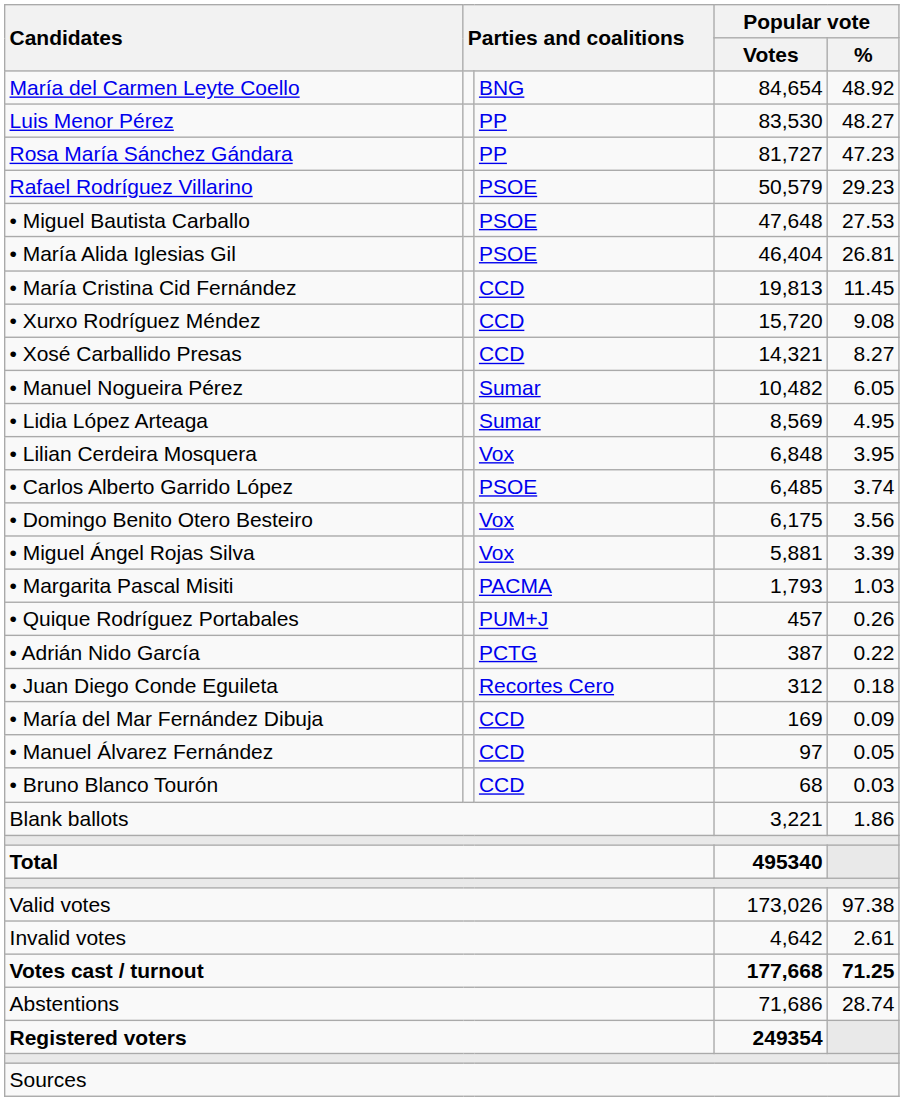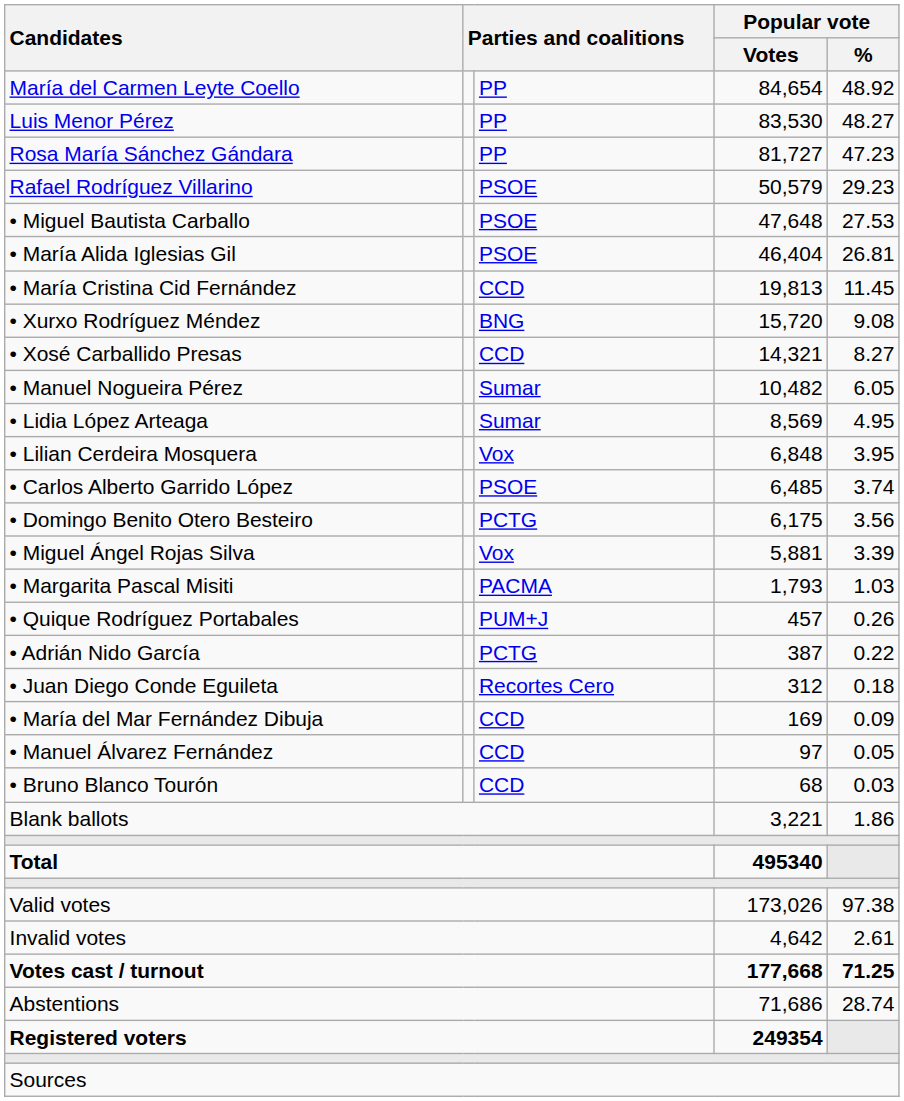 <table class="wikitable" style="text-align:right; font-size:95%;">
 <tr>
 <th style="text-align:left;" rowspan="2" width="325">Candidates</th>
 <th style="text-align:left;" rowspan="2" colspan="2" width="175">Parties and coalitions</th>
 <th colspan="2">Popular vote</th>
 </tr>
 <tr>
 <th width="75">Votes</th>
 <th width="45">%</th>
 </tr>
 <tr>
 <td align="left"> <a href='#'>María del Carmen Leyte Coello</a></td>
 <td width="1" style="color:inherit;background:"></td>
-<td align="left"><a href='#'>BNG</a></td>
+<td align="left"><a href='#'>PP</a></td>
 <td>84,654</td>
 <td>48.92</td>
 </tr>
 <tr>
 <td align="left"> <a href='#'>Luis Menor Pérez</a></td>
 <td width="1" style="color:inherit;background:"></td>
 <td align="left"><a href='#'>PP</a></td>
 <td>83,530</td>
 <td>48.27</td>
 </tr>
 <tr>
 <td align="left"> <a href='#'>Rosa María Sánchez Gándara</a></td>
 <td width="1" style="color:inherit;background:"></td>
 <td align="left"><a href='#'>PP</a></td>
 <td>81,727</td>
 <td>47.23</td>
 </tr>
 <tr>
 <td align="left"> <a href='#'>Rafael Rodríguez Villarino</a></td>
 <td width="1" style="color:inherit;background:"></td>
 <td align="left"><a href='#'>PSOE</a></td>
 <td>50,579</td>
 <td>29.23</td>
 </tr>
 <tr>
 <td align="left">• Miguel Bautista Carballo</td>
 <td width="1" style="color:inherit;background:"></td>
 <td align="left"><a href='#'>PSOE</a></td>
 <td>47,648</td>
 <td>27.53</td>
 </tr>
 <tr>
 <td align="left">• María Alida Iglesias Gil</td>
 <td width="1" style="color:inherit;background:"></td>
 <td align="left"><a href='#'>PSOE</a></td>
 <td>46,404</td>
 <td>26.81</td>
 </tr>
 <tr>
 <td align="left">• María Cristina Cid Fernández</td>
 <td width="1" style="color:inherit;background:"></td>
 <td align="left"><a href='#'>CCD</a></td>
 <td>19,813</td>
 <td>11.45</td>
 </tr>
 <tr>
 <td align="left">• Xurxo Rodríguez Méndez</td>
 <td width="1" style="color:inherit;background:"></td>
-<td align="left"><a href='#'>CCD</a></td>
+<td align="left"><a href='#'>BNG</a></td>
 <td>15,720</td>
 <td>9.08</td>
 </tr>
 <tr>
 <td align="left">• Xosé Carballido Presas</td>
 <td width="1" style="color:inherit;background:"></td>
 <td align="left"><a href='#'>CCD</a></td>
 <td>14,321</td>
 <td>8.27</td>
 </tr>
 <tr>
 <td align="left">• Manuel Nogueira Pérez</td>
 <td width="1" style="color:inherit;background:"></td>
 <td align="left"><a href='#'>Sumar</a></td>
 <td>10,482</td>
 <td>6.05</td>
 </tr>
 <tr>
 <td align="left">• Lidia López Arteaga</td>
 <td width="1" style="color:inherit;background:"></td>
 <td align="left"><a href='#'>Sumar</a></td>
 <td>8,569</td>
 <td>4.95</td>
 </tr>
 <tr>
 <td align="left">• Lilian Cerdeira Mosquera</td>
 <td width="1" style="color:inherit;background:"></td>
 <td align="left"><a href='#'>Vox</a></td>
 <td>6,848</td>
 <td>3.95</td>
 </tr>
 <tr>
 <td align="left">• Carlos Alberto Garrido López</td>
 <td width="1" style="color:inherit;background:"></td>
 <td align="left"><a href='#'>PSOE</a></td>
 <td>6,485</td>
 <td>3.74</td>
 </tr>
 <tr>
 <td align="left">• Domingo Benito Otero Besteiro</td>
 <td width="1" style="color:inherit;background:"></td>
-<td align="left"><a href='#'>Vox</a></td>
+<td align="left"><a href='#'>PCTG</a></td>
 <td>6,175</td>
 <td>3.56</td>
 </tr>
 <tr>
 <td align="left">• Miguel Ángel Rojas Silva</td>
 <td width="1" style="color:inherit;background:"></td>
 <td align="left"><a href='#'>Vox</a></td>
 <td>5,881</td>
 <td>3.39</td>
 </tr>
 <tr>
 <td align="left">• Margarita Pascal Misiti</td>
 <td width="1" style="color:inherit;background:"></td>
 <td align="left"><a href='#'>PACMA</a></td>
 <td>1,793</td>
 <td>1.03</td>
 </tr>
 <tr>
 <td align="left">• Quique Rodríguez Portabales</td>
 <td width="1" style="color:inherit;background:"></td>
 <td align="left"><a href='#'>PUM+J</a></td>
 <td>457</td>
 <td>0.26</td>
 </tr>
 <tr>
 <td align="left">• Adrián Nido García</td>
 <td width="1" style="color:inherit;background:"></td>
 <td align="left"><a href='#'>PCTG</a></td>
 <td>387</td>
 <td>0.22</td>
 </tr>
 <tr>
 <td align="left">• Juan Diego Conde Eguileta</td>
 <td width="1" style="color:inherit;background:"></td>
 <td align="left"><a href='#'>Recortes Cero</a></td>
 <td>312</td>
 <td>0.18</td>
 </tr>
 <tr>
 <td align="left">• María del Mar Fernández Dibuja</td>
 <td width="1" style="color:inherit;background:"></td>
 <td align="left"><a href='#'>CCD</a></td>
 <td>169</td>
 <td>0.09</td>
 </tr>
 <tr>
 <td align="left">• Manuel Álvarez Fernández</td>
 <td width="1" style="color:inherit;background:"></td>
 <td align="left"><a href='#'>CCD</a></td>
 <td>97</td>
 <td>0.05</td>
 </tr>
 <tr>
 <td align="left">• Bruno Blanco Tourón</td>
 <td width="1" style="color:inherit;background:"></td>
 <td align="left"><a href='#'>CCD</a></td>
 <td>68</td>
 <td>0.03</td>
 </tr>
 <tr>
 <td align="left" colspan="3">Blank ballots</td>
 <td>3,221</td>
 <td>1.86</td>
 </tr>
 <tr>
 <td colspan="5" bgcolor="#E9E9E9"></td>
 </tr>
 <tr style="font-weight:bold;">
 <td align="left" colspan="3">Total</td>
 <td>495340</td>
 <td bgcolor="#E9E9E9"></td>
 </tr>
 <tr>
 <td colspan="5" bgcolor="#E9E9E9"></td>
 </tr>
 <tr>
 <td align="left" colspan="3">Valid votes</td>
 <td>173,026</td>
 <td>97.38</td>
 </tr>
 <tr>
 <td align="left" colspan="3">Invalid votes</td>
 <td>4,642</td>
 <td>2.61</td>
 </tr>
 <tr style="font-weight:bold;">
 <td align="left" colspan="3">Votes cast / turnout</td>
 <td>177,668</td>
 <td>71.25</td>
 </tr>
 <tr>
 <td align="left" colspan="3">Abstentions</td>
 <td>71,686</td>
 <td>28.74</td>
 </tr>
 <tr style="font-weight:bold;">
 <td align="left" colspan="3">Registered voters</td>
 <td>249354</td>
 <td bgcolor="#E9E9E9"></td>
 </tr>
 <tr>
 <td colspan="5" bgcolor="#E9E9E9"></td>
 </tr>
 <tr>
 <td align="left" colspan="5">Sources</td>
 </tr>
 </table>
